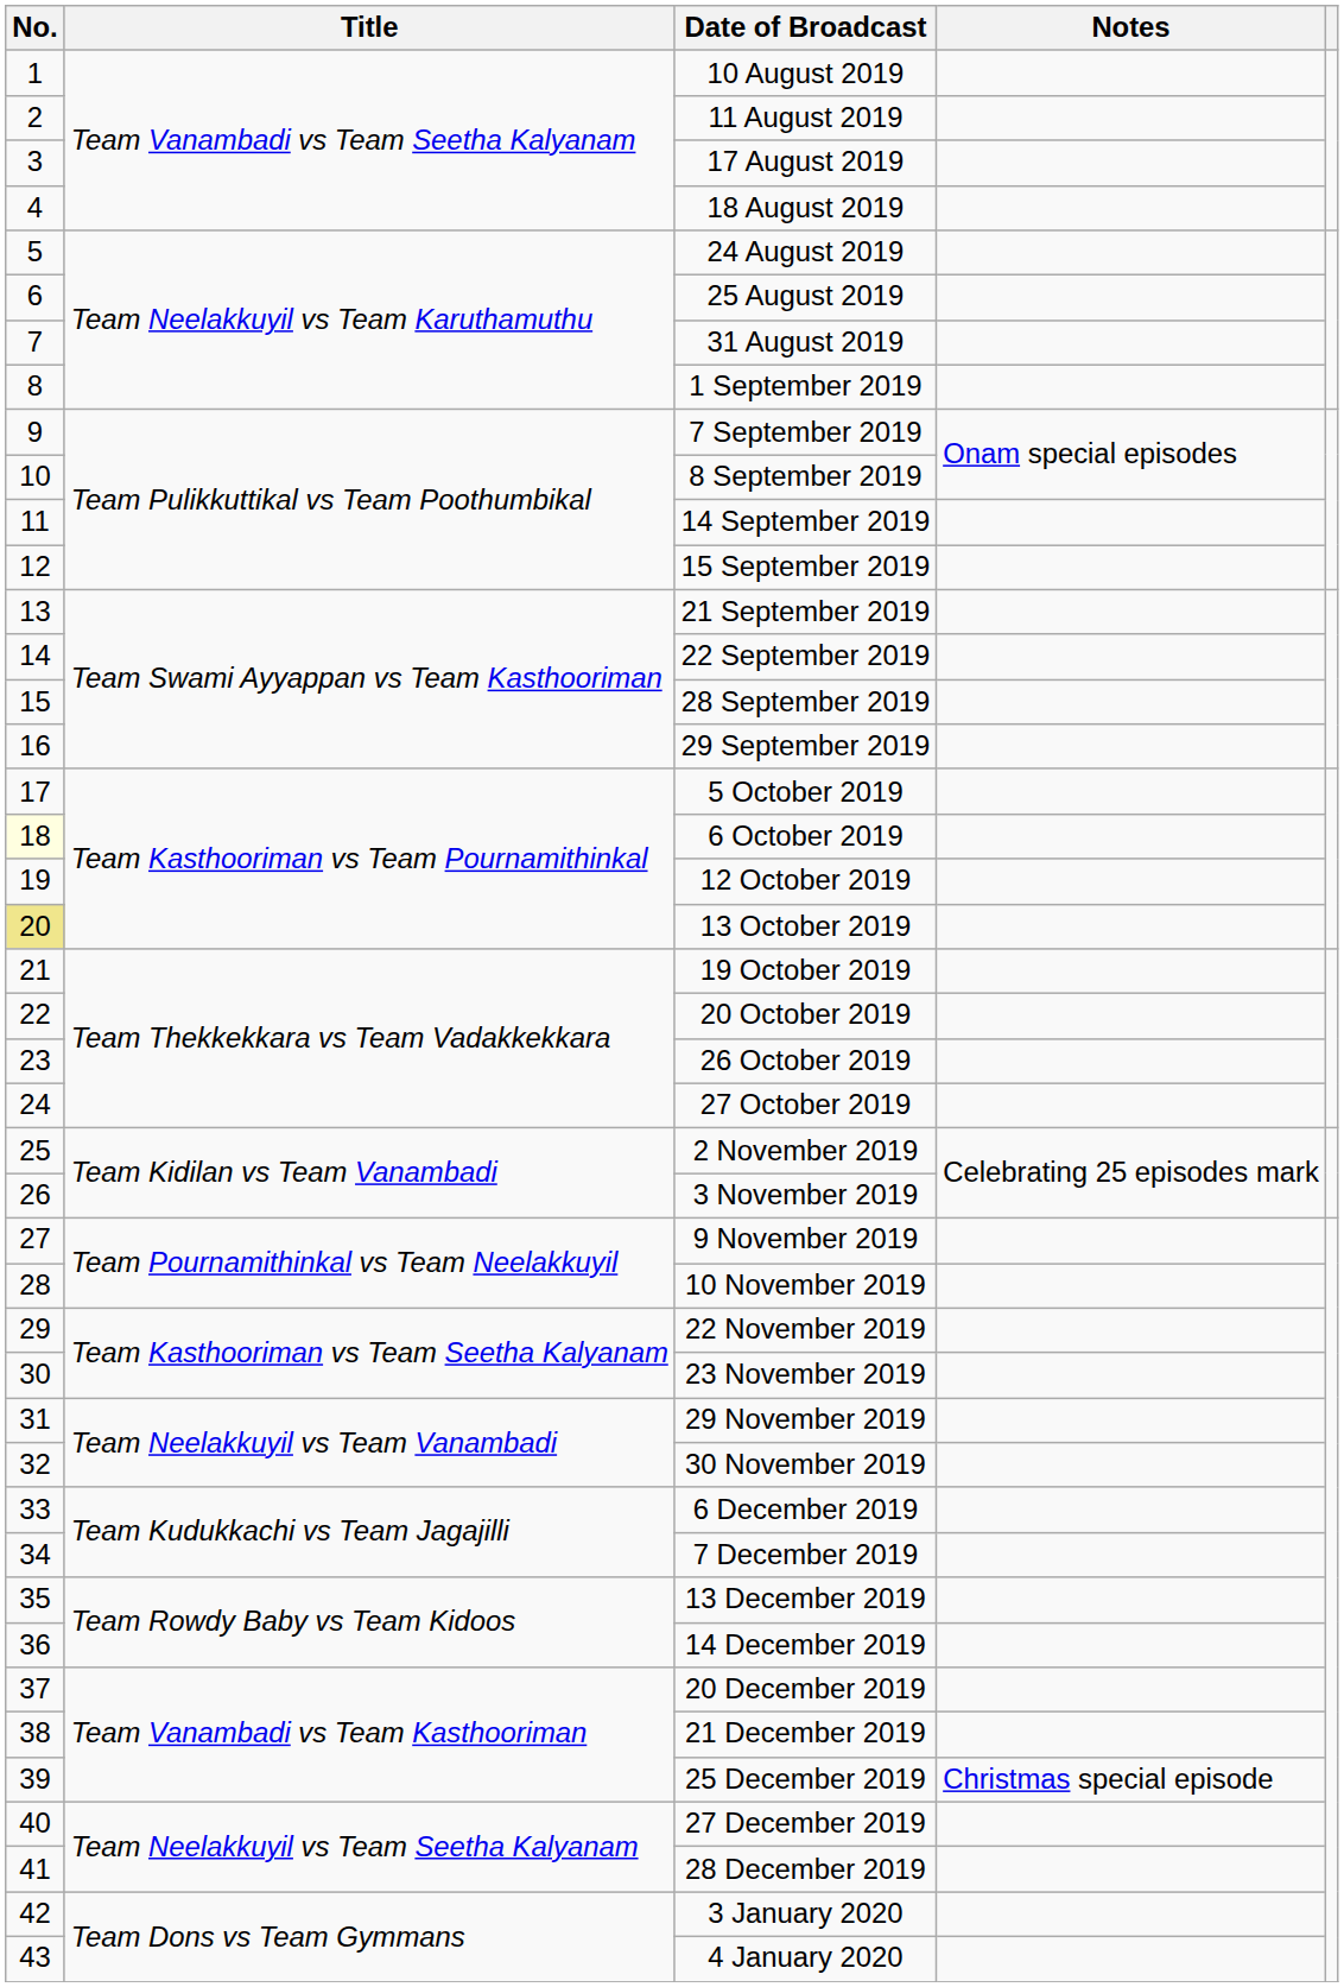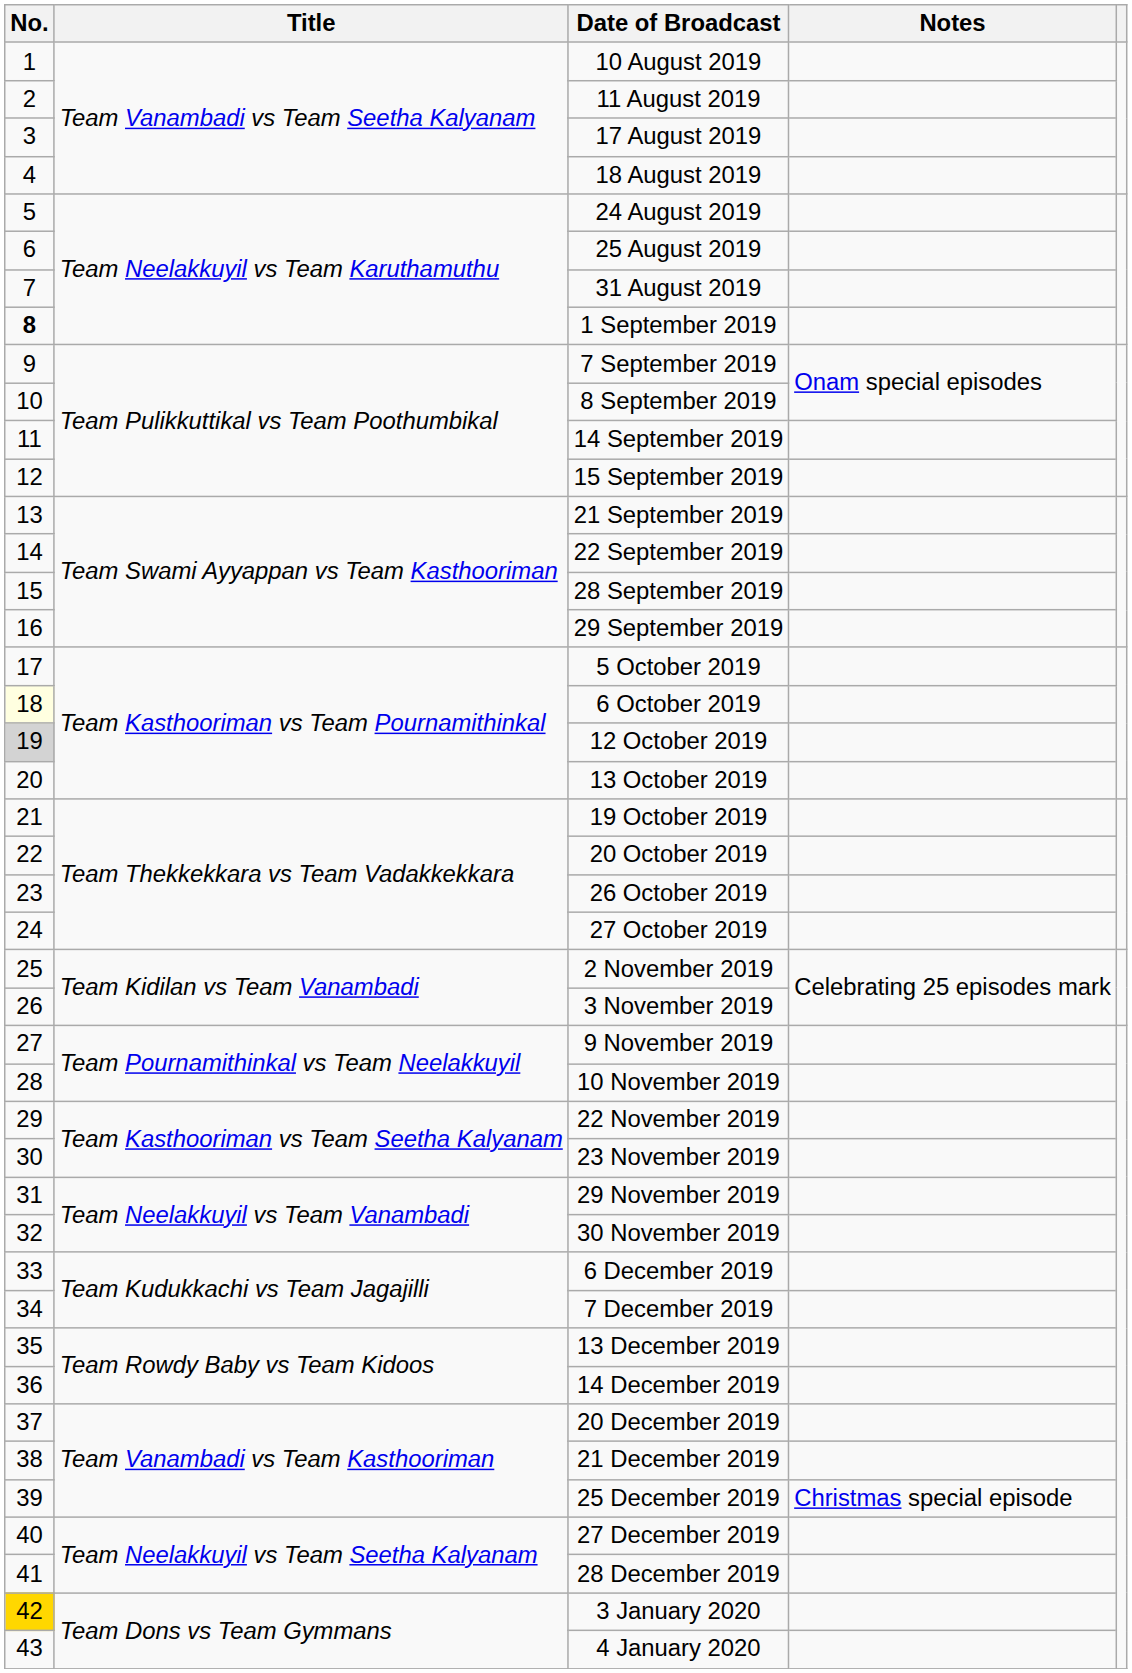 <table class=" sortable wikitable">
 <tr>
 <th>No.</th>
 <th>Title</th>
 <th>Date of Broadcast</th>
 <th>Notes</th>
 <th></th>
 </tr>
 <tr>
 <td style="text-align:center">1</td>
 <td rowspan="4"><em>Team <a href='#'>Vanambadi</a> vs Team <a href='#'>Seetha Kalyanam</a></em></td>
 <td style="text-align:center">10 August 2019</td>
 <td></td>
 <td rowspan="4"></td>
 </tr>
 <tr>
 <td style="text-align:center">2</td>
 <td style="text-align:center">11 August 2019</td>
 <td></td>
 </tr>
 <tr>
 <td style="text-align:center">3</td>
 <td style="text-align:center">17 August 2019</td>
 <td></td>
 </tr>
 <tr>
 <td style="text-align:center">4</td>
 <td style="text-align:center">18 August 2019</td>
 <td></td>
 </tr>
 <tr>
 <td style="text-align:center">5</td>
 <td rowspan="4"><em>Team <a href='#'>Neelakkuyil</a> vs Team <a href='#'>Karuthamuthu</a></em></td>
 <td style="text-align:center">24 August 2019</td>
 <td></td>
 <td rowspan="4"></td>
 </tr>
 <tr>
 <td style="text-align:center">6</td>
 <td style="text-align:center">25 August 2019</td>
 <td></td>
 </tr>
 <tr>
 <td style="text-align:center">7</td>
 <td style="text-align:center">31 August 2019</td>
 <td></td>
 </tr>
 <tr>
-<td style="text-align:center">8</td>
+<td style="text-align:center"><strong>8</strong></td>
 <td style="text-align:center">1 September 2019</td>
 <td></td>
 </tr>
 <tr>
 <td style="text-align:center">9</td>
 <td rowspan="4"><em>Team Pulikkuttikal vs Team Poothumbikal</em></td>
 <td style="text-align:center">7 September 2019</td>
 <td rowspan="2"><a href='#'>Onam</a> special episodes</td>
 <td rowspan="4"></td>
 </tr>
 <tr>
 <td style="text-align:center">10</td>
 <td style="text-align:center">8 September 2019</td>
 </tr>
 <tr>
 <td style="text-align:center">11</td>
 <td style="text-align:center">14 September 2019</td>
 <td></td>
 </tr>
 <tr>
 <td style="text-align:center">12</td>
 <td style="text-align:center">15 September 2019</td>
 <td></td>
 </tr>
 <tr>
 <td style="text-align:center">13</td>
 <td rowspan="4"><em>Team Swami Ayyappan vs Team <a href='#'>Kasthooriman</a></em></td>
 <td style="text-align:center">21 September 2019</td>
 <td></td>
 <td rowspan="4"></td>
 </tr>
 <tr>
 <td style="text-align:center">14</td>
 <td style="text-align:center">22 September 2019</td>
 <td></td>
 </tr>
 <tr>
 <td style="text-align:center">15</td>
 <td style="text-align:center">28 September 2019</td>
 <td></td>
 </tr>
 <tr>
 <td style="text-align:center">16</td>
 <td style="text-align:center">29 September 2019</td>
 <td></td>
 </tr>
 <tr>
 <td style="text-align:center">17</td>
 <td rowspan="4"><em>Team <a href='#'>Kasthooriman</a> vs Team <a href='#'>Pournamithinkal</a></em></td>
 <td style="text-align:center">5 October 2019</td>
 <td></td>
 <td rowspan="4"></td>
 </tr>
 <tr>
 <td style="background: lightyellow; text-align:center">18</td>
 <td style="text-align:center">6 October 2019</td>
 <td></td>
 </tr>
 <tr>
-<td style="text-align:center">19</td>
+<td style="background: lightgrey; text-align:center">19</td>
 <td style="text-align:center">12 October 2019</td>
 <td></td>
 </tr>
 <tr>
-<td style="background: khaki; text-align:center">20</td>
+<td style="text-align:center">20</td>
 <td style="text-align:center">13 October 2019</td>
 <td></td>
 </tr>
 <tr>
 <td style="text-align:center">21</td>
 <td rowspan="4"><em>Team Thekkekkara vs Team Vadakkekkara</em></td>
 <td style="text-align:center">19 October 2019</td>
 <td></td>
 <td rowspan="4"></td>
 </tr>
 <tr>
 <td style="text-align:center">22</td>
 <td style="text-align:center">20 October 2019</td>
 <td></td>
 </tr>
 <tr>
 <td style="text-align:center">23</td>
 <td style="text-align:center">26 October 2019</td>
 <td></td>
 </tr>
 <tr>
 <td style="text-align:center">24</td>
 <td style="text-align:center">27 October 2019</td>
 <td></td>
 </tr>
 <tr>
 <td style="text-align:center">25</td>
 <td rowspan="2"><em>Team Kidilan vs Team <a href='#'>Vanambadi</a></em></td>
 <td style="text-align:center">2 November 2019</td>
 <td rowspan="2">Celebrating 25 episodes mark</td>
 <td rowspan="2"></td>
 </tr>
 <tr>
 <td style="text-align:center">26</td>
 <td style="text-align:center">3 November 2019</td>
 </tr>
 <tr>
 <td style="text-align:center">27</td>
 <td rowspan="2"><em>Team <a href='#'>Pournamithinkal</a> vs Team <a href='#'>Neelakkuyil</a></em></td>
 <td style="text-align:center">9 November 2019</td>
 <td></td>
 <td rowspan="17"></td>
 </tr>
 <tr>
 <td style="text-align:center">28</td>
 <td style="text-align:center">10 November 2019</td>
 <td></td>
 </tr>
 <tr>
 <td style="text-align:center">29</td>
 <td rowspan="2"><em>Team <a href='#'>Kasthooriman</a> vs Team <a href='#'>Seetha Kalyanam</a></em></td>
 <td style="text-align:center">22 November 2019</td>
 <td></td>
 </tr>
 <tr>
 <td style="text-align:center">30</td>
 <td style="text-align:center">23 November 2019</td>
 <td></td>
 </tr>
 <tr>
 <td style="text-align:center">31</td>
 <td rowspan="2"><em>Team <a href='#'>Neelakkuyil</a> vs Team <a href='#'>Vanambadi</a></em></td>
 <td style="text-align:center">29 November 2019</td>
 <td></td>
 </tr>
 <tr>
 <td style="text-align:center">32</td>
 <td style="text-align:center">30 November 2019</td>
 <td></td>
 </tr>
 <tr>
 <td style="text-align:center">33</td>
 <td rowspan="2"><em>Team Kudukkachi vs Team Jagajilli</em></td>
 <td style="text-align:center">6 December 2019</td>
 <td></td>
 </tr>
 <tr>
 <td style="text-align:center">34</td>
 <td style="text-align:center">7 December 2019</td>
 <td></td>
 </tr>
 <tr>
 <td style="text-align:center">35</td>
 <td rowspan="2"><em>Team Rowdy Baby vs Team Kidoos</em></td>
 <td style="text-align:center">13 December 2019</td>
 <td></td>
 </tr>
 <tr>
 <td style="text-align:center">36</td>
 <td style="text-align:center">14 December 2019</td>
 <td></td>
 </tr>
 <tr>
 <td style="text-align:center">37</td>
 <td rowspan="3"><em>Team <a href='#'>Vanambadi</a> vs Team <a href='#'>Kasthooriman</a></em></td>
 <td style="text-align:center">20 December 2019</td>
 <td></td>
 </tr>
 <tr>
 <td style="text-align:center">38</td>
 <td style="text-align:center">21 December 2019</td>
 <td></td>
 </tr>
 <tr>
 <td style="text-align:center">39</td>
 <td style="text-align:center">25 December 2019</td>
 <td><a href='#'>Christmas</a> special episode</td>
 </tr>
 <tr>
 <td style="text-align:center">40</td>
 <td rowspan="2"><em>Team <a href='#'>Neelakkuyil</a> vs Team <a href='#'>Seetha Kalyanam</a></em></td>
 <td style="text-align:center">27 December 2019</td>
 <td></td>
 </tr>
 <tr>
 <td style="text-align:center">41</td>
 <td style="text-align:center">28 December 2019</td>
 <td></td>
 </tr>
 <tr>
-<td style="text-align:center">42</td>
+<td style="background: gold; text-align:center">42</td>
 <td rowspan="2"><em>Team Dons vs Team Gymmans</em></td>
 <td style="text-align:center">3 January 2020</td>
 <td></td>
 </tr>
 <tr>
 <td style="text-align:center">43</td>
 <td style="text-align:center">4 January 2020</td>
 <td></td>
 </tr>
 <tr>
 </tr>
 </table>
